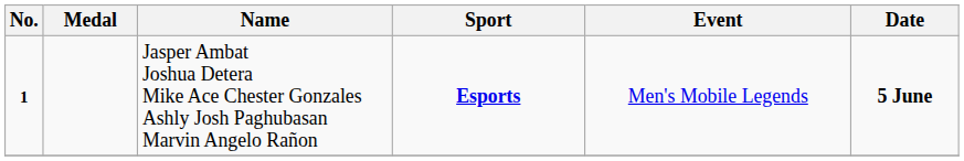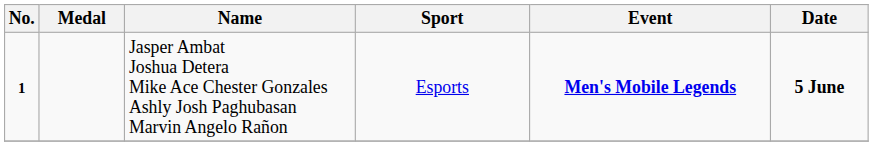 <table class="wikitable sortable" style="font-size:100%; text-align:center">
 <tr>
 <th width="10">No.</th>
 <th width="70">Medal</th>
 <th width="200">Name</th>
 <th width="150">Sport</th>
 <th width="210">Event</th>
 <th width="80">Date</th>
 </tr>
 <tr>
 <td><small><strong>1</strong></small></td>
 <td></td>
 <td align=left>Jasper Ambat<br>Joshua Detera<br>Mike Ace Chester Gonzales<br>Ashly Josh Paghubasan<br>Marvin Angelo Rañon</td>
-<td><strong> <a href='#'>Esports</a></strong></td>
-<td><a href='#'>Men's Mobile Legends</a></td>
+<td> <a href='#'>Esports</a></td>
+<td><strong><a href='#'>Men's Mobile Legends</a></strong></td>
 <td><strong>5 June</strong></td>
 </tr>
 <tr>
 </tr>
 </table>
